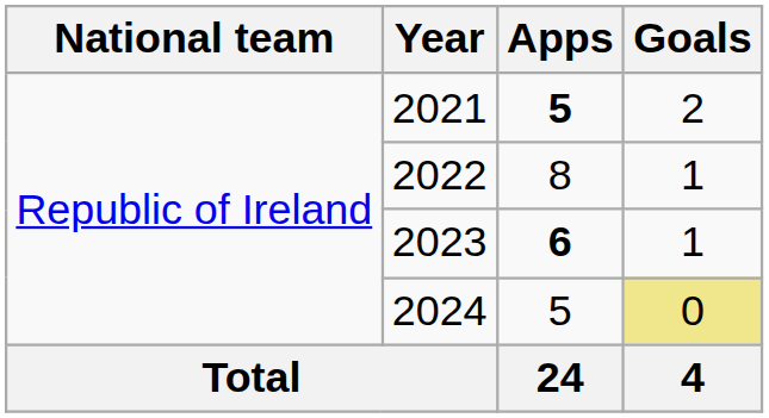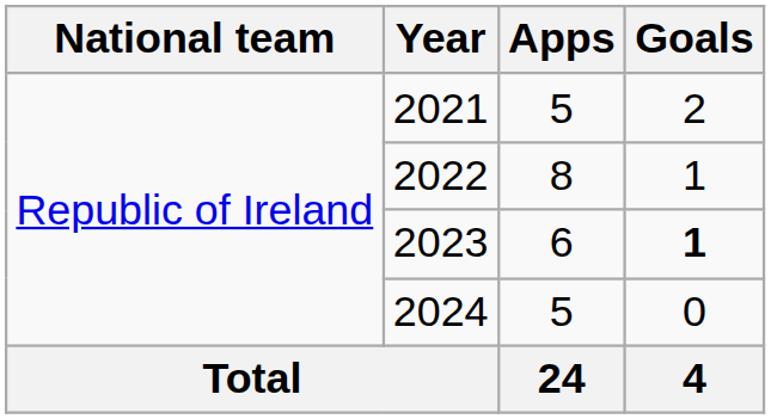 <table class="wikitable" style="text-align:center">
 <tr>
 <th>National team</th>
 <th>Year</th>
 <th>Apps</th>
 <th>Goals</th>
 </tr>
 <tr>
 <td rowspan="4"><a href='#'>Republic of Ireland</a></td>
 <td>2021</td>
-<td><strong>5</strong></td>
+<td>5</td>
 <td>2</td>
 </tr>
 <tr>
 <td>2022</td>
 <td>8</td>
 <td>1</td>
 </tr>
 <tr>
 <td>2023</td>
-<td><strong>6</strong></td>
-<td>1</td>
+<td>6</td>
+<td><strong>1</strong></td>
 </tr>
 <tr>
 <td>2024</td>
 <td>5</td>
-<td style="background: khaki;">0</td>
+<td>0</td>
 </tr>
 <tr>
 <th colspan="2">Total</th>
 <th>24</th>
 <th>4</th>
 </tr>
 </table>
